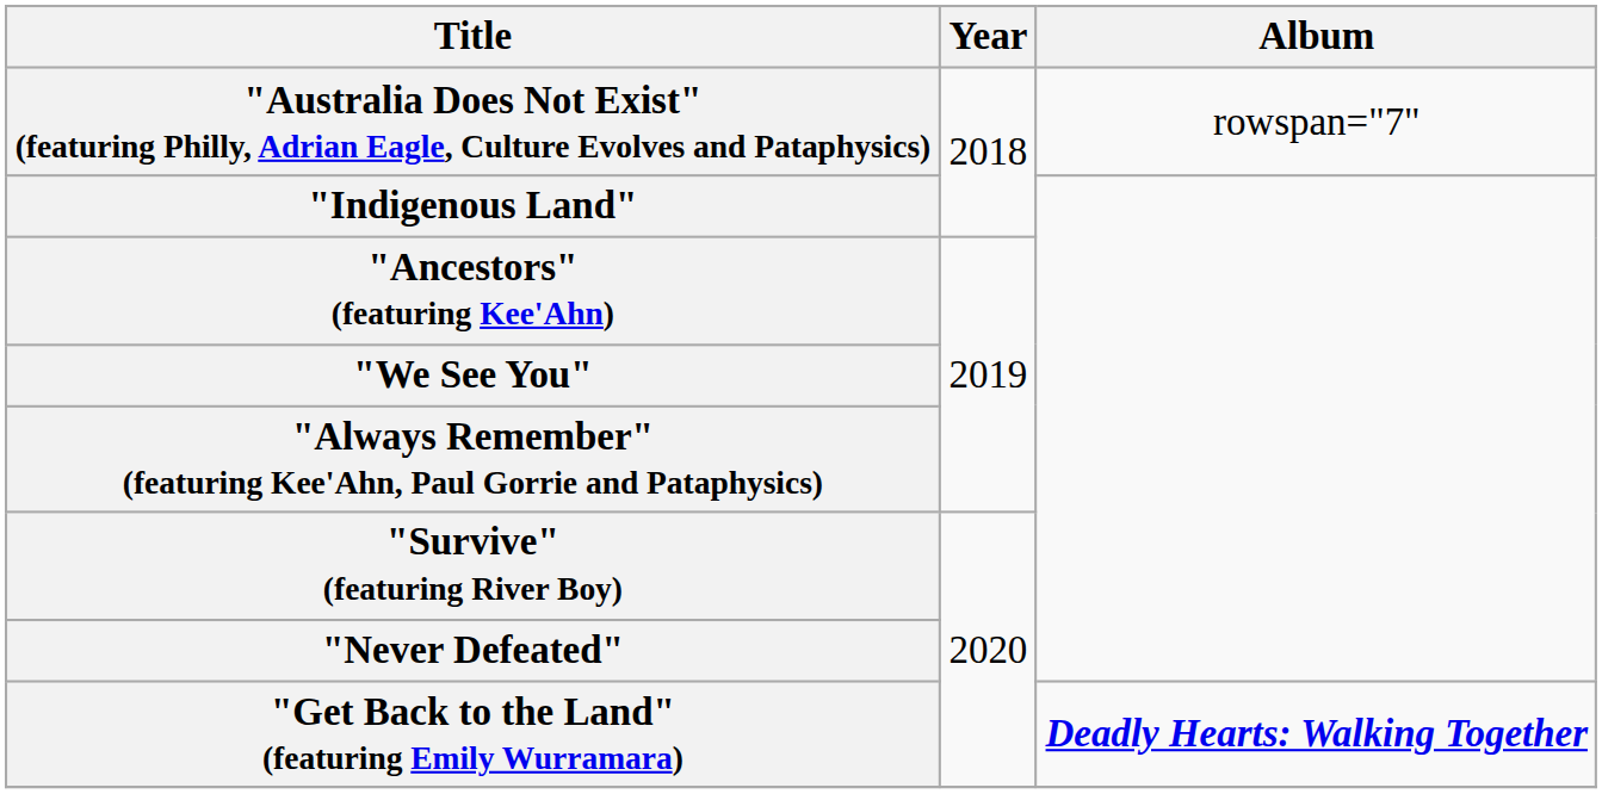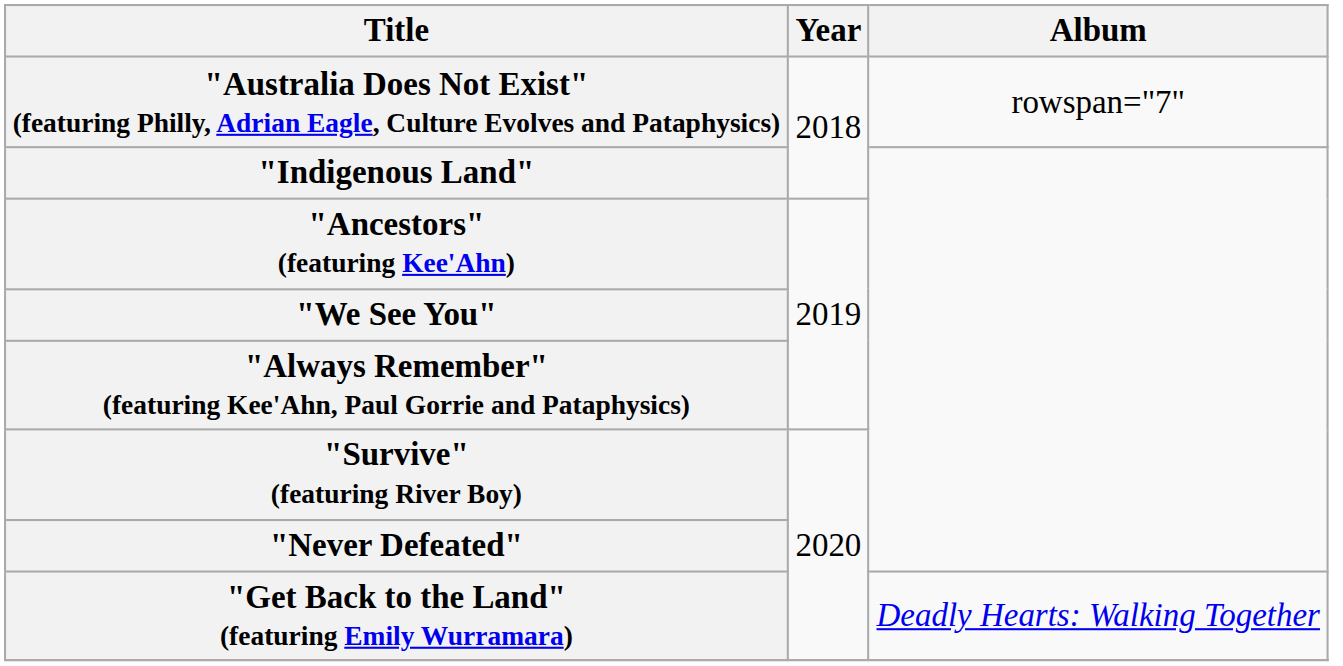 <table class="wikitable plainrowheaders" style="text-align:center;">
 <tr>
 <th scope="col">Title</th>
 <th scope="col">Year</th>
 <th scope="col">Album</th>
 </tr>
 <tr>
 <th scope="row">"Australia Does Not Exist"<br><small>(featuring Philly, <a href='#'>Adrian Eagle</a>, Culture Evolves and Pataphysics)</small></th>
 <td rowspan="2">2018</td>
 <td>rowspan="7" </td>
 </tr>
 <tr>
 <th scope="row">"Indigenous Land"</th>
 </tr>
 <tr>
 <th scope="row">"Ancestors"<br><small>(featuring <a href='#'>Kee'Ahn</a>)</small></th>
 <td rowspan="3">2019</td>
 </tr>
 <tr>
 <th scope="row">"We See You"</th>
 </tr>
 <tr>
 <th scope="row">"Always Remember"<br><small>(featuring Kee'Ahn, Paul Gorrie and Pataphysics)</small></th>
 </tr>
 <tr>
 <th scope="row">"Survive"<br><small>(featuring River Boy)</small></th>
 <td rowspan="3">2020</td>
 </tr>
 <tr>
 <th scope="row">"Never Defeated"</th>
 </tr>
 <tr>
 <th scope="row">"Get Back to the Land"<br><small>(featuring <a href='#'>Emily Wurramara</a>)</small></th>
-<td><strong><em><a href='#'>Deadly Hearts: Walking Together</a></em></strong></td>
+<td><em><a href='#'>Deadly Hearts: Walking Together</a></em></td>
 </tr>
 <tr>
 </tr>
 </table>
